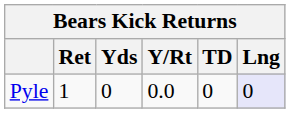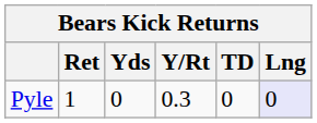 <table class="wikitable">
 <tr>
 <th colspan="6">Bears Kick Returns</th>
 </tr>
 <tr>
 <th></th>
 <th>Ret</th>
 <th>Yds</th>
 <th>Y/Rt</th>
 <th>TD</th>
 <th>Lng</th>
 </tr>
 <tr>
 <td><a href='#'>Pyle</a></td>
 <td>1</td>
 <td>0</td>
-<td>0.0</td>
+<td>0.3</td>
 <td>0</td>
 <td style="background: lavender;">0</td>
 </tr>
 </table>
